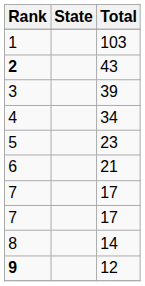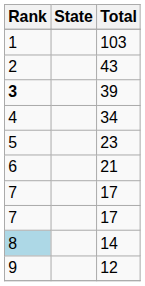 <table class="wikitable">
 <tr>
 <th>Rank</th>
 <th>State</th>
 <th>Total</th>
 </tr>
 <tr>
 </tr>
 <tr>
 <td>1</td>
 <td></td>
 <td>103</td>
 </tr>
 <tr>
-<td><strong>2</strong></td>
+<td>2</td>
 <td></td>
 <td>43</td>
 </tr>
 <tr>
-<td>3</td>
+<td><strong>3</strong></td>
 <td></td>
 <td>39</td>
 </tr>
 <tr>
 <td>4</td>
 <td></td>
 <td>34</td>
 </tr>
 <tr>
 <td>5</td>
 <td></td>
 <td>23</td>
 </tr>
 <tr>
 <td>6</td>
 <td></td>
 <td>21</td>
 </tr>
 <tr>
 <td>7</td>
 <td></td>
 <td>17</td>
 </tr>
 <tr>
 <td>7</td>
 <td></td>
 <td>17</td>
 </tr>
 <tr>
-<td>8</td>
+<td style="background: lightblue;">8</td>
 <td></td>
 <td>14</td>
 </tr>
 <tr>
-<td><strong>9</strong></td>
+<td>9</td>
 <td></td>
 <td>12</td>
 </tr>
 <tr>
 </tr>
 </table>
